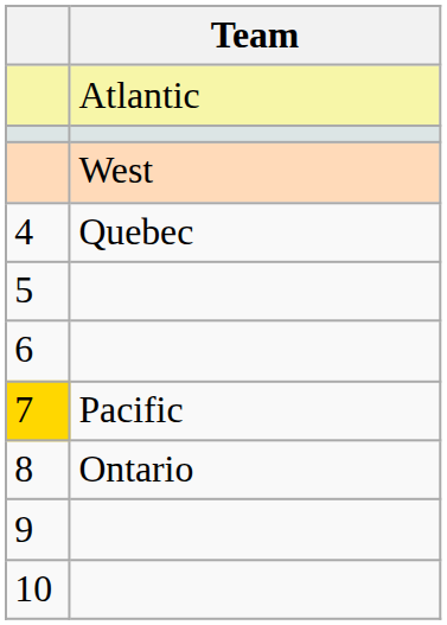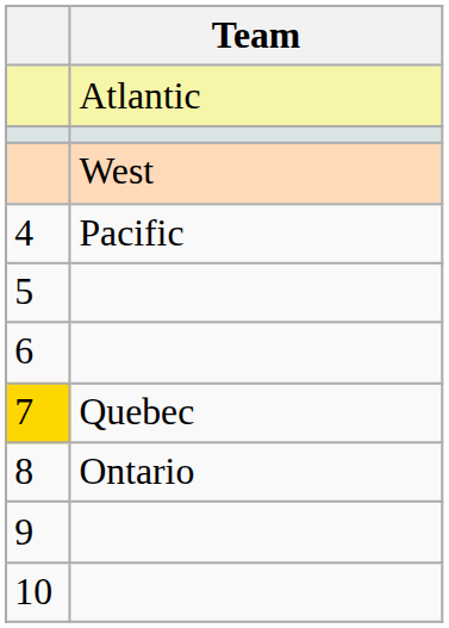 <table class="wikitable">
 <tr>
 <th width=20></th>
 <th width=150>Team</th>
 </tr>
 <tr style="background:#F7F6A8;">
 <td align="center"></td>
 <td> Atlantic</td>
 </tr>
 <tr style="background:#DCE5E5;">
 <td align="center"></td>
 <td></td>
 </tr>
 <tr style="background:#FFDAB9;">
 <td align="center"></td>
 <td> West</td>
 </tr>
 <tr>
 <td>4</td>
-<td> Quebec</td>
+<td> Pacific</td>
 </tr>
 <tr>
 <td>5</td>
 <td></td>
 </tr>
 <tr>
 <td>6</td>
 <td></td>
 </tr>
 <tr>
 <td style="background: gold;">7</td>
-<td> Pacific</td>
+<td> Quebec</td>
 </tr>
 <tr>
 <td>8</td>
 <td> Ontario</td>
 </tr>
 <tr>
 <td>9</td>
 <td></td>
 </tr>
 <tr>
 <td>10</td>
 <td></td>
 </tr>
 </table>
